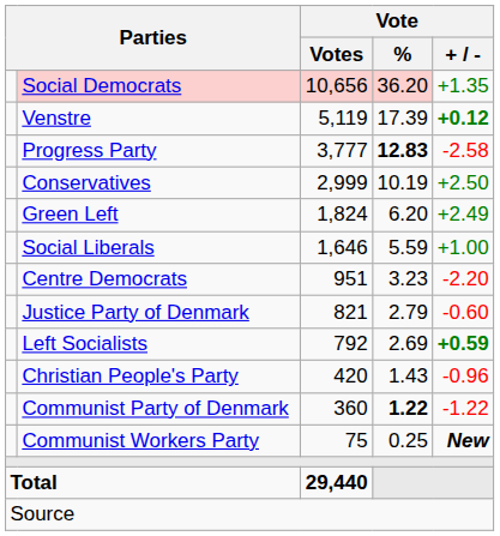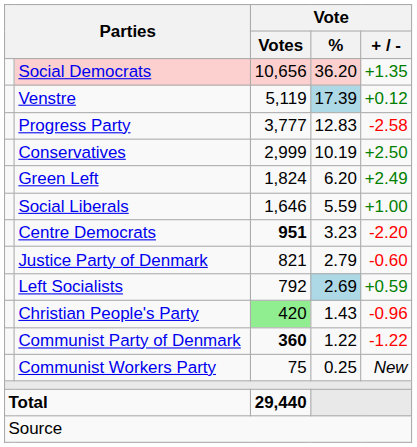 <table class="wikitable" style="text-align:right;">
 <tr>
 <th style="text-align:centre;" rowspan="2" colspan="2" width="225">Parties</th>
 <th colspan="3">Vote</th>
 </tr>
 <tr>
 <th width="15">Votes</th>
 <th width="15">%</th>
 <th width="15">+ / -</th>
 </tr>
 <tr>
 <td width="2" style="color:inherit;background:"></td>
 <td bgcolor=#fbd0ce  align="left"><a href='#'>Social Democrats</a></td>
 <td bgcolor=#fbd0ce>10,656</td>
 <td bgcolor=#fbd0ce>36.20</td>
 <td style=color:green;>+1.35</td>
 </tr>
 <tr>
 <td width="2" style="color:inherit;background:"></td>
 <td align="left"><a href='#'>Venstre</a></td>
 <td>5,119</td>
-<td>17.39</td>
-<td style=color:green;><strong>+0.12</strong></td>
+<td style="background: lightblue;">17.39</td>
+<td style=color:green;>+0.12</td>
 </tr>
 <tr>
 <td width="2" style="color:inherit;background:"></td>
 <td align="left"><a href='#'>Progress Party</a></td>
 <td>3,777</td>
-<td><strong>12.83</strong></td>
+<td>12.83</td>
 <td style=color:red;>-2.58</td>
 </tr>
 <tr>
 <td width="2" style="color:inherit;background:"></td>
 <td align="left"><a href='#'>Conservatives</a></td>
 <td>2,999</td>
 <td>10.19</td>
 <td style=color:green;>+2.50</td>
 </tr>
 <tr>
 <td width="2" style="color:inherit;background:"></td>
 <td align="left"><a href='#'>Green Left</a></td>
 <td>1,824</td>
 <td>6.20</td>
 <td style=color:green;>+2.49</td>
 </tr>
 <tr>
 <td width="2" style="color:inherit;background:"></td>
 <td align="left"><a href='#'>Social Liberals</a></td>
 <td>1,646</td>
 <td>5.59</td>
 <td style=color:green;>+1.00</td>
 </tr>
 <tr>
 <td width="2" style="color:inherit;background:"></td>
 <td align="left"><a href='#'>Centre Democrats</a></td>
-<td>951</td>
+<td><strong>951</strong></td>
 <td>3.23</td>
 <td style=color:red;>-2.20</td>
 </tr>
 <tr>
 <td width="2" style="color:inherit;background:"></td>
 <td align="left"><a href='#'>Justice Party of Denmark</a></td>
 <td>821</td>
 <td>2.79</td>
 <td style=color:red;>-0.60</td>
 </tr>
 <tr>
 <td width="2" style="color:inherit;background:"></td>
 <td align="left"><a href='#'>Left Socialists</a></td>
 <td>792</td>
-<td>2.69</td>
-<td style=color:green;><strong>+0.59</strong></td>
+<td style="background: lightblue;">2.69</td>
+<td style=color:green;>+0.59</td>
 </tr>
 <tr>
 <td width="2" style="color:inherit;background:"></td>
 <td align="left"><a href='#'>Christian People's Party</a></td>
-<td>420</td>
+<td style="background: lightgreen;">420</td>
 <td>1.43</td>
 <td style=color:red;>-0.96</td>
 </tr>
 <tr>
 <td width="2" style="color:inherit;background:"></td>
 <td align="left"><a href='#'>Communist Party of Denmark</a></td>
-<td>360</td>
-<td><strong>1.22</strong></td>
+<td><strong>360</strong></td>
+<td>1.22</td>
 <td style=color:red;>-1.22</td>
 </tr>
 <tr>
 <td width="2" style="color:inherit;background:"></td>
 <td align="left"><a href='#'>Communist Workers Party</a></td>
 <td>75</td>
 <td>0.25</td>
-<td><strong><em>New</em></strong></td>
+<td><em>New</em></td>
 </tr>
 <tr>
 <td colspan="7" bgcolor="#E9E9E9"></td>
 </tr>
 <tr>
 <td align="left" colspan="2"><strong>Total</strong></td>
 <td><strong>29,440</strong></td>
 <td bgcolor="#E9E9E9" colspan="2"></td>
 </tr>
 <tr>
 <td align="left" colspan="6">Source</td>
 </tr>
 </table>
